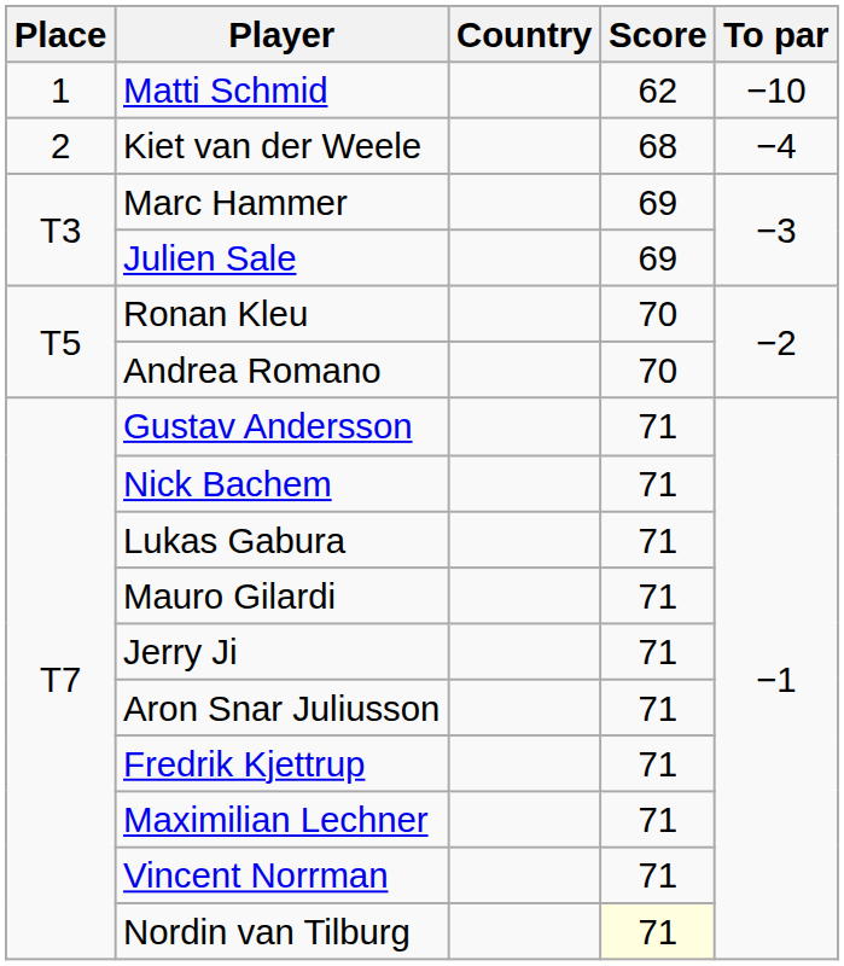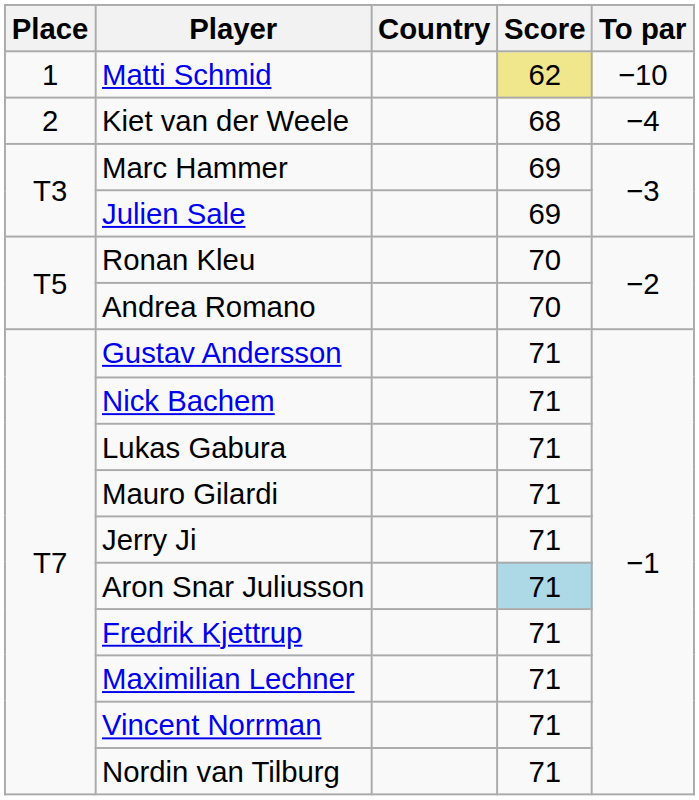 <table class="wikitable" style="font-size:95%;">
 <tr>
 <th>Place</th>
 <th>Player</th>
 <th>Country</th>
 <th>Score</th>
 <th>To par</th>
 </tr>
 <tr>
 <td align=center>1</td>
 <td><a href='#'>Matti Schmid</a></td>
 <td></td>
-<td align=center>62</td>
+<td align=center style="background: khaki;">62</td>
 <td align=center>−10</td>
 </tr>
 <tr>
 <td align="center">2</td>
 <td>Kiet van der Weele</td>
 <td></td>
 <td align=center>68</td>
 <td align=center>−4</td>
 </tr>
 <tr>
 <td rowspan="2" align="center">T3</td>
 <td>Marc Hammer</td>
 <td></td>
 <td align=center>69</td>
 <td rowspan="2" align="center">−3</td>
 </tr>
 <tr>
 <td><a href='#'>Julien Sale</a></td>
 <td></td>
 <td align=center>69</td>
 </tr>
 <tr>
 <td rowspan="2" align="center">T5</td>
 <td>Ronan Kleu</td>
 <td></td>
 <td align="center">70</td>
 <td rowspan="2" align="center">−2</td>
 </tr>
 <tr>
 <td>Andrea Romano</td>
 <td></td>
 <td align="center">70</td>
 </tr>
 <tr>
 <td rowspan="10" align="center">T7</td>
 <td><a href='#'>Gustav Andersson</a></td>
 <td></td>
 <td align=center>71</td>
 <td rowspan="10" align="center">−1</td>
 </tr>
 <tr>
 <td><a href='#'>Nick Bachem</a></td>
 <td></td>
 <td align=center>71</td>
 </tr>
 <tr>
 <td>Lukas Gabura</td>
 <td></td>
 <td align=center>71</td>
 </tr>
 <tr>
 <td>Mauro Gilardi</td>
 <td></td>
 <td align=center>71</td>
 </tr>
 <tr>
 <td>Jerry Ji</td>
 <td></td>
 <td align=center>71</td>
 </tr>
 <tr>
 <td>Aron Snar Juliusson</td>
 <td></td>
-<td align=center>71</td>
+<td align=center style="background: lightblue;">71</td>
 </tr>
 <tr>
 <td><a href='#'>Fredrik Kjettrup</a></td>
 <td></td>
 <td align=center>71</td>
 </tr>
 <tr>
 <td><a href='#'>Maximilian Lechner</a></td>
 <td></td>
 <td align=center>71</td>
 </tr>
 <tr>
 <td><a href='#'>Vincent Norrman</a></td>
 <td></td>
 <td align=center>71</td>
 </tr>
 <tr>
 <td>Nordin van Tilburg</td>
 <td></td>
-<td align=center style="background: lightyellow;">71</td>
+<td align=center>71</td>
 </tr>
 </table>
